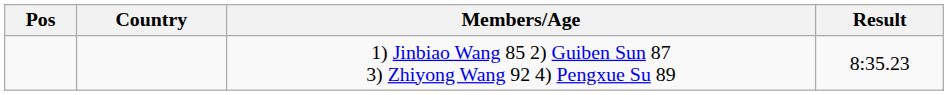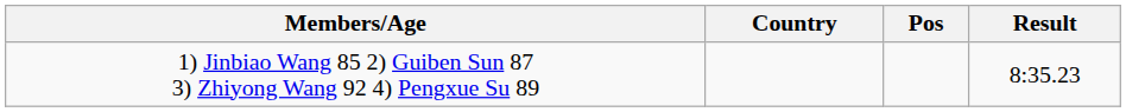 <table class="wikitable"  style="text-align:center; width:60%;">
 <tr>
+<th>Members/Age</th>
+<th>Country</th>
 <th>Pos</th>
-<th>Country</th>
-<th>Members/Age</th>
 <th>Result</th>
 </tr>
 <tr>
+<td>1) <a href='#'>Jinbiao Wang</a> 85 2) <a href='#'>Guiben Sun</a> 87<br>3) <a href='#'>Zhiyong Wang</a> 92 4) <a href='#'>Pengxue Su</a> 89</td>
+<td align=left></td>
 <td align=center></td>
-<td align=left></td>
-<td>1) <a href='#'>Jinbiao Wang</a> 85 2) <a href='#'>Guiben Sun</a> 87<br>3) <a href='#'>Zhiyong Wang</a> 92 4) <a href='#'>Pengxue Su</a> 89</td>
 <td>8:35.23</td>
 </tr>
 </table>
